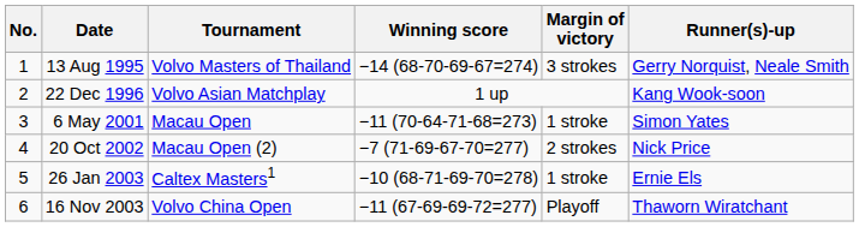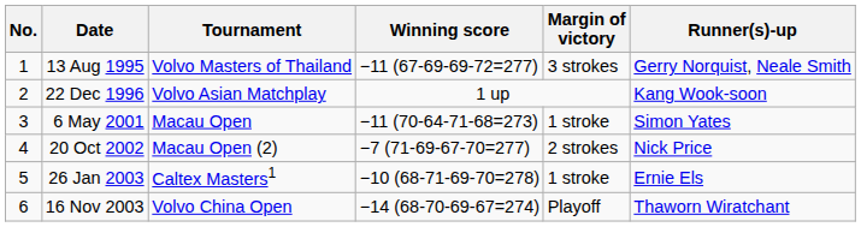 <table class="wikitable" style="font-size:95%;">
 <tr>
 <th>No.</th>
 <th>Date</th>
 <th>Tournament</th>
 <th>Winning score</th>
 <th>Margin of<br>victory</th>
 <th>Runner(s)-up</th>
 </tr>
 <tr>
 <td align=center>1</td>
 <td align=right>13 Aug <a href='#'>1995</a></td>
 <td><a href='#'>Volvo Masters of Thailand</a></td>
-<td>−14 (68-70-69-67=274)</td>
+<td>−11 (67-69-69-72=277)</td>
 <td>3 strokes</td>
 <td> <a href='#'>Gerry Norquist</a>,  <a href='#'>Neale Smith</a></td>
 </tr>
 <tr>
 <td align=center>2</td>
 <td align=right>22 Dec <a href='#'>1996</a></td>
 <td><a href='#'>Volvo Asian Matchplay</a></td>
 <td colspan=2 align=center>1 up</td>
 <td> <a href='#'>Kang Wook-soon</a></td>
 </tr>
 <tr>
 <td align=center>3</td>
 <td align=right>6 May <a href='#'>2001</a></td>
 <td><a href='#'>Macau Open</a></td>
 <td>−11 (70-64-71-68=273)</td>
 <td>1 stroke</td>
 <td> <a href='#'>Simon Yates</a></td>
 </tr>
 <tr>
 <td align=center>4</td>
 <td align=right>20 Oct <a href='#'>2002</a></td>
 <td><a href='#'>Macau Open</a> (2)</td>
 <td>−7 (71-69-67-70=277)</td>
 <td>2 strokes</td>
 <td> <a href='#'>Nick Price</a></td>
 </tr>
 <tr>
 <td align=center>5</td>
 <td align=right>26 Jan <a href='#'>2003</a></td>
 <td><a href='#'>Caltex Masters</a><sup>1</sup></td>
 <td>−10 (68-71-69-70=278)</td>
 <td>1 stroke</td>
 <td> <a href='#'>Ernie Els</a></td>
 </tr>
 <tr>
 <td align=center>6</td>
 <td align=right>16 Nov 2003</td>
 <td><a href='#'>Volvo China Open</a></td>
-<td>−11 (67-69-69-72=277)</td>
+<td>−14 (68-70-69-67=274)</td>
 <td>Playoff</td>
 <td> <a href='#'>Thaworn Wiratchant</a></td>
 </tr>
 </table>
